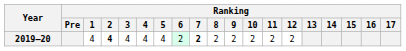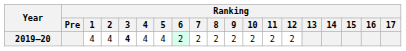 <table class="wikitable" style="white-space:nowrap;">
 <tr>
 <th scope="col" width="100" rowspan="2">Year</th>
 <th colspan="25">Ranking</th>
 </tr>
 <tr>
 <th scope="col" width="30">Pre</th>
 <th scope="col" width="30">1</th>
 <th scope="col" width="30">2</th>
 <th scope="col" width="30">3</th>
 <th scope="col" width="30">4</th>
 <th scope="col" width="30">5</th>
 <th scope="col" width="30">6</th>
 <th scope="col" width="30">7</th>
 <th scope="col" width="30">8</th>
 <th scope="col" width="30">9</th>
 <th scope="col" width="30">10</th>
 <th scope="col" width="30">11</th>
 <th scope="col" width="30">12</th>
 <th scope="col" width="30">13</th>
 <th scope="col" width="30">14</th>
 <th scope="col" width="30">15</th>
 <th scope="col" width="30">16</th>
 <th scope="col" width="30">17</th>
 </tr>
 <tr style="text-align:center;">
 <th>2019–20</th>
 <td bgcolor=F2F2F2></td>
 <td bgcolor=FFFFFF>4</td>
+<td bgcolor=FFFFFF>4</td>
 <td bgcolor=FFFFFF><strong>4</strong></td>
 <td bgcolor=FFFFFF>4</td>
 <td bgcolor=FFFFFF>4</td>
-<td bgcolor=FFFFFF>4</td>
 <td bgcolor=D8FFEB>2</td>
-<td bgcolor=FFFFFF><strong>2</strong></td>
+<td bgcolor=FFFFFF>2</td>
 <td bgcolor=FFFFFF>2</td>
 <td bgcolor=FFFFFF>2</td>
 <td bgcolor=FFFFFF>2</td>
 <td bgcolor=FFFFFF>2</td>
 <td bgcolor=FFFFFF>2</td>
 <td bgcolor=F2F2F2></td>
 <td bgcolor=F2F2F2></td>
 <td bgcolor=F2F2F2></td>
 <td bgcolor=F2F2F2></td>
 <td bgcolor=F2F2F2></td>
 </tr>
 </table>
